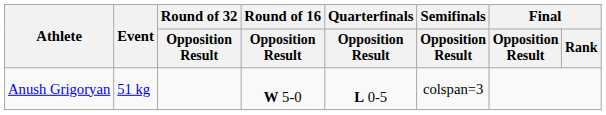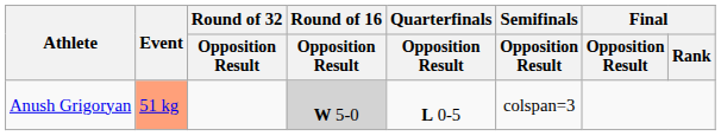 <table class="wikitable" style="font-size:90%">
 <tr>
 <th rowspan="2">Athlete</th>
 <th rowspan="2">Event</th>
 <th>Round of 32</th>
 <th>Round of 16</th>
 <th>Quarterfinals</th>
 <th>Semifinals</th>
 <th colspan=2>Final</th>
 </tr>
 <tr style="font-size:95%">
 <th>Opposition<br>Result</th>
 <th>Opposition<br>Result</th>
 <th>Opposition<br>Result</th>
 <th>Opposition<br>Result</th>
 <th>Opposition<br>Result</th>
 <th>Rank</th>
 </tr>
 <tr align=center>
 <td align=left><a href='#'>Anush Grigoryan</a></td>
-<td align=left><a href='#'>51 kg</a></td>
+<td align=left style="background: lightsalmon;"><a href='#'>51 kg</a></td>
 <td></td>
-<td><br><strong>W</strong> 5-0</td>
+<td style="background: lightgrey;"><br><strong>W</strong> 5-0</td>
 <td><br><strong>L</strong> 0-5</td>
 <td>colspan=3 </td>
 </tr>
 </table>
